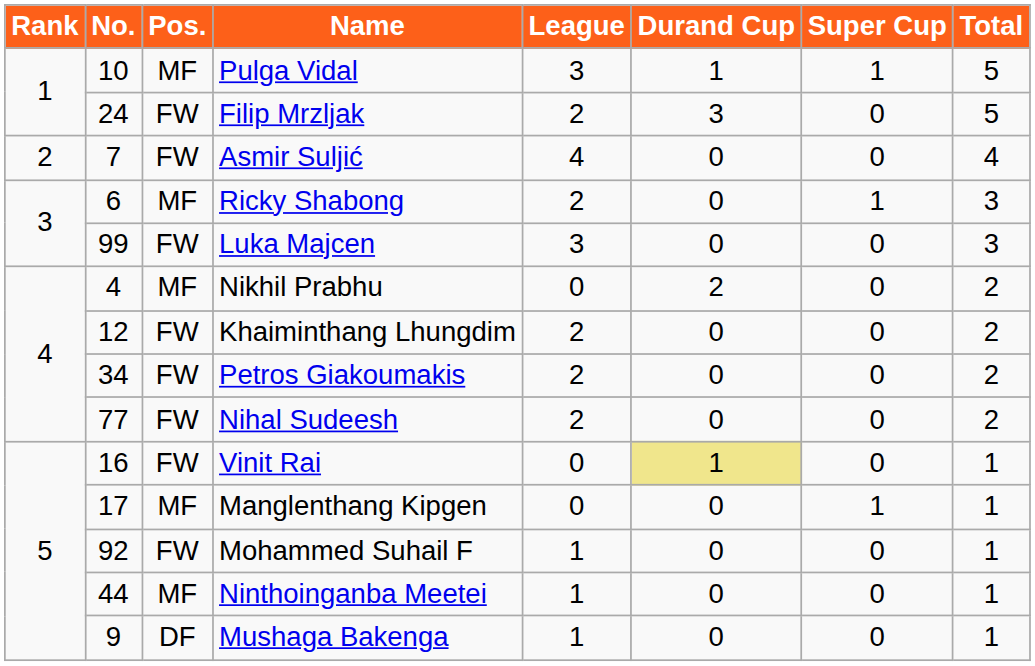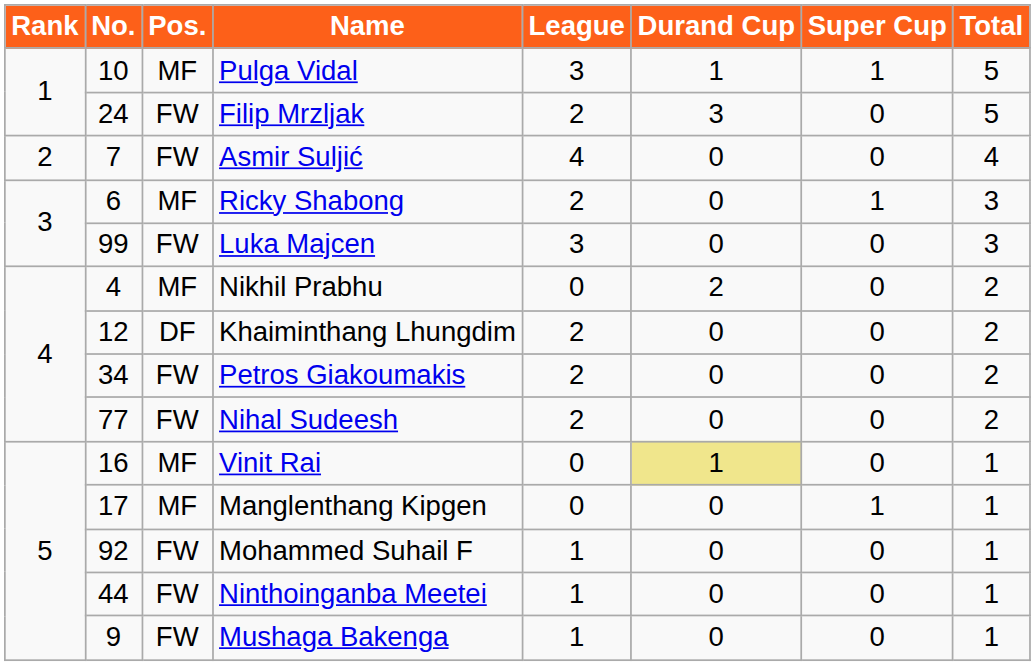 <table class="wikitable" style="font-size; text-align: center;">
 <tr>
 <th style="background:#FD6019; color:#FFFFFF; text-align:center;">Rank</th>
 <th style="background:#FD6019; color:#FFFFFF; text-align:center;">No.</th>
 <th style="background:#FD6019; color:#FFFFFF; text-align:center;">Pos.</th>
 <th style="background:#FD6019; color:#FFFFFF; text-align:center;">Name</th>
 <th style="background:#FD6019; color:#FFFFFF; text-align:center;">League</th>
 <th style="background:#FD6019; color:#FFFFFF; text-align:center;">Durand Cup</th>
 <th style="background:#FD6019; color:#FFFFFF; text-align:center;">Super Cup</th>
 <th style="background:#FD6019; color:#FFFFFF; text-align:center;">Total</th>
 </tr>
 <tr>
 <td rowspan="2">1</td>
 <td>10</td>
 <td>MF</td>
 <td align="left"><a href='#'>Pulga Vidal</a></td>
 <td>3</td>
 <td>1</td>
 <td>1</td>
 <td>5</td>
 </tr>
 <tr>
 <td>24</td>
 <td>FW</td>
 <td align="left"><a href='#'>Filip Mrzljak</a></td>
 <td>2</td>
 <td>3</td>
 <td>0</td>
 <td>5</td>
 </tr>
 <tr>
 <td>2</td>
 <td>7</td>
 <td>FW</td>
 <td align="left"><a href='#'>Asmir Suljić</a></td>
 <td>4</td>
 <td>0</td>
 <td>0</td>
 <td>4</td>
 </tr>
 <tr>
 <td rowspan="2">3</td>
 <td>6</td>
 <td>MF</td>
 <td align="left"><a href='#'>Ricky Shabong</a></td>
 <td>2</td>
 <td>0</td>
 <td>1</td>
 <td>3</td>
 </tr>
 <tr>
 <td>99</td>
 <td>FW</td>
 <td align="left"><a href='#'>Luka Majcen</a></td>
 <td>3</td>
 <td>0</td>
 <td>0</td>
 <td>3</td>
 </tr>
 <tr>
 <td rowspan="4">4</td>
 <td>4</td>
 <td>MF</td>
 <td align="left">Nikhil Prabhu</td>
 <td>0</td>
 <td>2</td>
 <td>0</td>
 <td>2</td>
 </tr>
 <tr>
 <td>12</td>
-<td>FW</td>
+<td>DF</td>
 <td align="left">Khaiminthang Lhungdim</td>
 <td>2</td>
 <td>0</td>
 <td>0</td>
 <td>2</td>
 </tr>
 <tr>
 <td>34</td>
 <td>FW</td>
 <td align="left"><a href='#'>Petros Giakoumakis</a></td>
 <td>2</td>
 <td>0</td>
 <td>0</td>
 <td>2</td>
 </tr>
 <tr>
 <td>77</td>
 <td>FW</td>
 <td align="left"><a href='#'>Nihal Sudeesh</a></td>
 <td>2</td>
 <td>0</td>
 <td>0</td>
 <td>2</td>
 </tr>
 <tr>
 <td rowspan="5">5</td>
 <td>16</td>
-<td>FW</td>
+<td>MF</td>
 <td align="left"><a href='#'>Vinit Rai</a></td>
 <td>0</td>
 <td style="background: khaki;">1</td>
 <td>0</td>
 <td>1</td>
 </tr>
 <tr>
 <td>17</td>
 <td>MF</td>
 <td align="left">Manglenthang Kipgen</td>
 <td>0</td>
 <td>0</td>
 <td>1</td>
 <td>1</td>
 </tr>
 <tr>
 <td>92</td>
 <td>FW</td>
 <td align="left">Mohammed Suhail F</td>
 <td>1</td>
 <td>0</td>
 <td>0</td>
 <td>1</td>
 </tr>
 <tr>
 <td>44</td>
-<td>MF</td>
+<td>FW</td>
 <td align="left"><a href='#'>Ninthoinganba Meetei</a></td>
 <td>1</td>
 <td>0</td>
 <td>0</td>
 <td>1</td>
 </tr>
 <tr>
 <td>9</td>
-<td>DF</td>
+<td>FW</td>
 <td align="left"><a href='#'>Mushaga Bakenga</a></td>
 <td>1</td>
 <td>0</td>
 <td>0</td>
 <td>1</td>
 </tr>
 </table>
